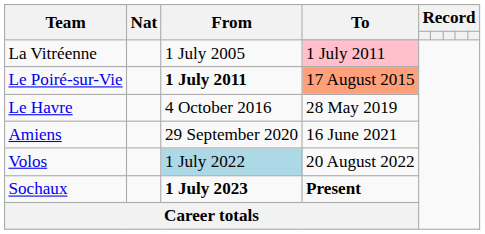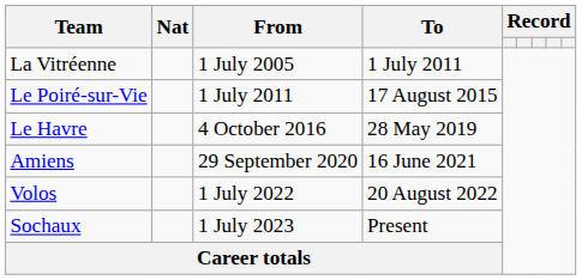 <table class="wikitable" style="text-align: center">
 <tr>
 <th rowspan="2">Team</th>
 <th rowspan="2">Nat</th>
 <th rowspan="2">From</th>
 <th rowspan="2">To</th>
 <th colspan="8">Record</th>
 </tr>
 <tr>
 <th></th>
 <th></th>
 <th></th>
 <th></th>
 <th></th>
 </tr>
 <tr>
 <td align="left">La Vitréenne</td>
 <td></td>
 <td align=left>1 July 2005</td>
-<td align=left style="background: pink;">1 July 2011<br></td>
+<td align=left>1 July 2011<br></td>
 </tr>
 <tr>
 <td align="left'"><a href='#'>Le Poiré-sur-Vie</a></td>
 <td></td>
-<td align=left><strong>1 July 2011</strong></td>
-<td align=left style="background: lightsalmon;">17 August 2015<br></td>
+<td align=left>1 July 2011</td>
+<td align=left>17 August 2015<br></td>
 </tr>
 <tr>
 <td align="left"><a href='#'>Le Havre</a></td>
 <td></td>
 <td align=left>4 October 2016</td>
 <td align=left>28 May 2019<br></td>
 </tr>
 <tr>
 <td align="left"><a href='#'>Amiens</a></td>
 <td></td>
 <td align=left>29 September 2020</td>
 <td align=left>16 June 2021<br></td>
 </tr>
 <tr>
 <td align="left"><a href='#'>Volos</a></td>
 <td></td>
-<td align=left style="background: lightblue;">1 July 2022</td>
+<td align=left>1 July 2022</td>
 <td align=left>20 August 2022<br></td>
 </tr>
 <tr>
 <td align="left"><a href='#'>Sochaux</a></td>
 <td></td>
-<td align=left><strong>1 July 2023</strong></td>
-<td align=left><strong>Present<br></strong></td>
+<td align=left>1 July 2023</td>
+<td align=left>Present<br></td>
 </tr>
 <tr>
 <th colspan=4>Career totals<br></th>
 </tr>
 </table>
